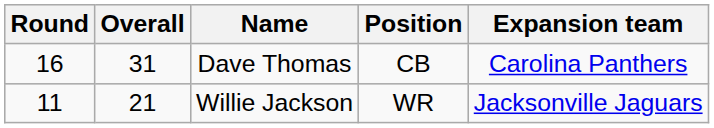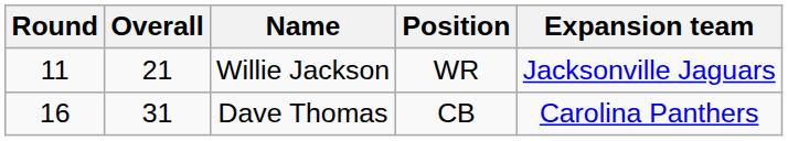 <table class="wikitable" style="text-align:center">
 <tr>
 <th>Round</th>
 <th>Overall</th>
 <th>Name</th>
 <th>Position</th>
 <th>Expansion team</th>
 </tr>
 <tr>
+<td>11</td>
+<td>21</td>
+<td>Willie Jackson</td>
+<td>WR</td>
+<td><a href='#'>Jacksonville Jaguars</a></td>
+</tr>
+<tr>
 <td>16</td>
 <td>31</td>
 <td>Dave Thomas</td>
 <td>CB</td>
 <td><a href='#'>Carolina Panthers</a></td>
 </tr>
-<tr>
-<td>11</td>
-<td>21</td>
-<td>Willie Jackson</td>
-<td>WR</td>
-<td><a href='#'>Jacksonville Jaguars</a></td>
-</tr>
 </table>
